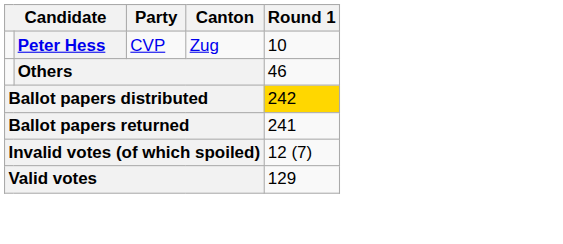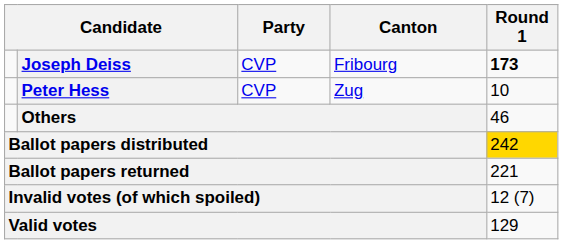 <table class="wikitable">
 <tr>
 <th colspan=2>Candidate</th>
 <th>Party</th>
 <th>Canton</th>
 <th>Round 1</th>
+</tr>
+<tr>
+<td width=5px style="background-color: "></td>
+<td width=200px style="background-color:#F2F2F2"><strong><a href='#'>Joseph Deiss</a></strong></td>
+<td width=80px><a href='#'>CVP</a></td>
+<td width=140px><a href='#'>Fribourg</a></td>
+<td width=60px><strong>173</strong></td>
 </tr>
 <tr>
 <td style="background-color: "></td>
 <td style="background-color:#F2F2F2"><strong><a href='#'>Peter Hess</a></strong></td>
 <td><a href='#'>CVP</a></td>
 <td><a href='#'>Zug</a></td>
 <td>10</td>
 </tr>
 <tr>
 <td></td>
 <td colspan=3 style="background-color:#F2F2F2"><strong>Others</strong></td>
 <td>46</td>
 </tr>
 <tr>
 <td colspan=4 style="background-color:#F2F2F2"><strong>Ballot papers distributed</strong></td>
 <td style="background: gold;">242</td>
 </tr>
 <tr>
 <td colspan=4 style="background-color:#F2F2F2"><strong>Ballot papers returned</strong></td>
-<td>241</td>
+<td>221</td>
 </tr>
 <tr>
 <td colspan=4 style="background-color:#F2F2F2"><strong>Invalid votes (of which spoiled)</strong></td>
 <td>12 (7)</td>
 </tr>
 <tr>
 <td colspan=4 style="background-color:#F2F2F2"><strong>Valid votes</strong></td>
 <td>129</td>
 </tr>
 </table>
